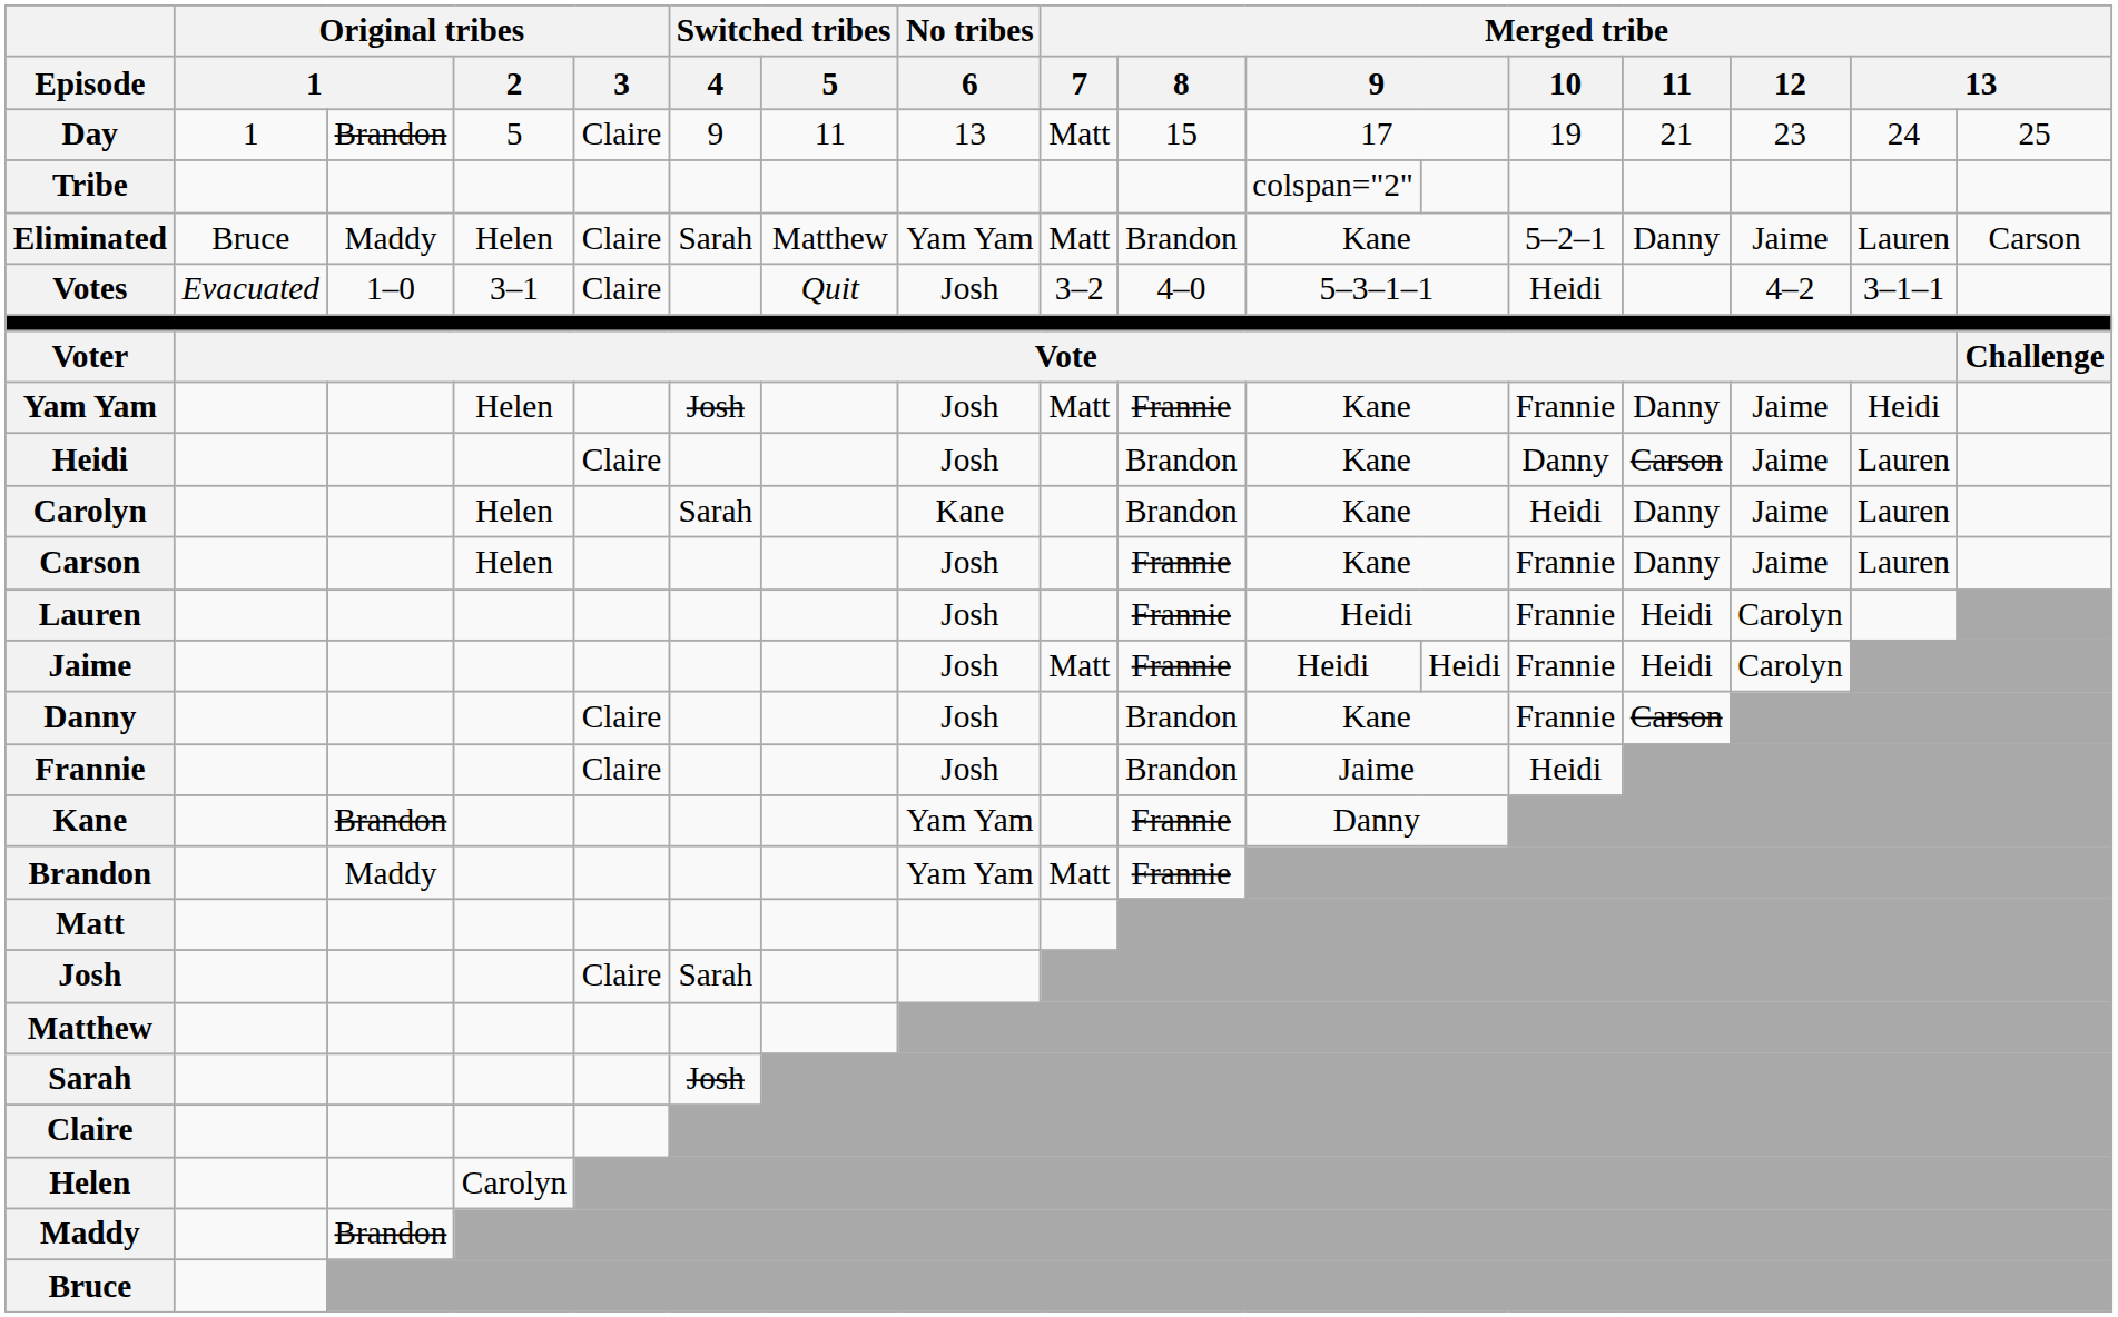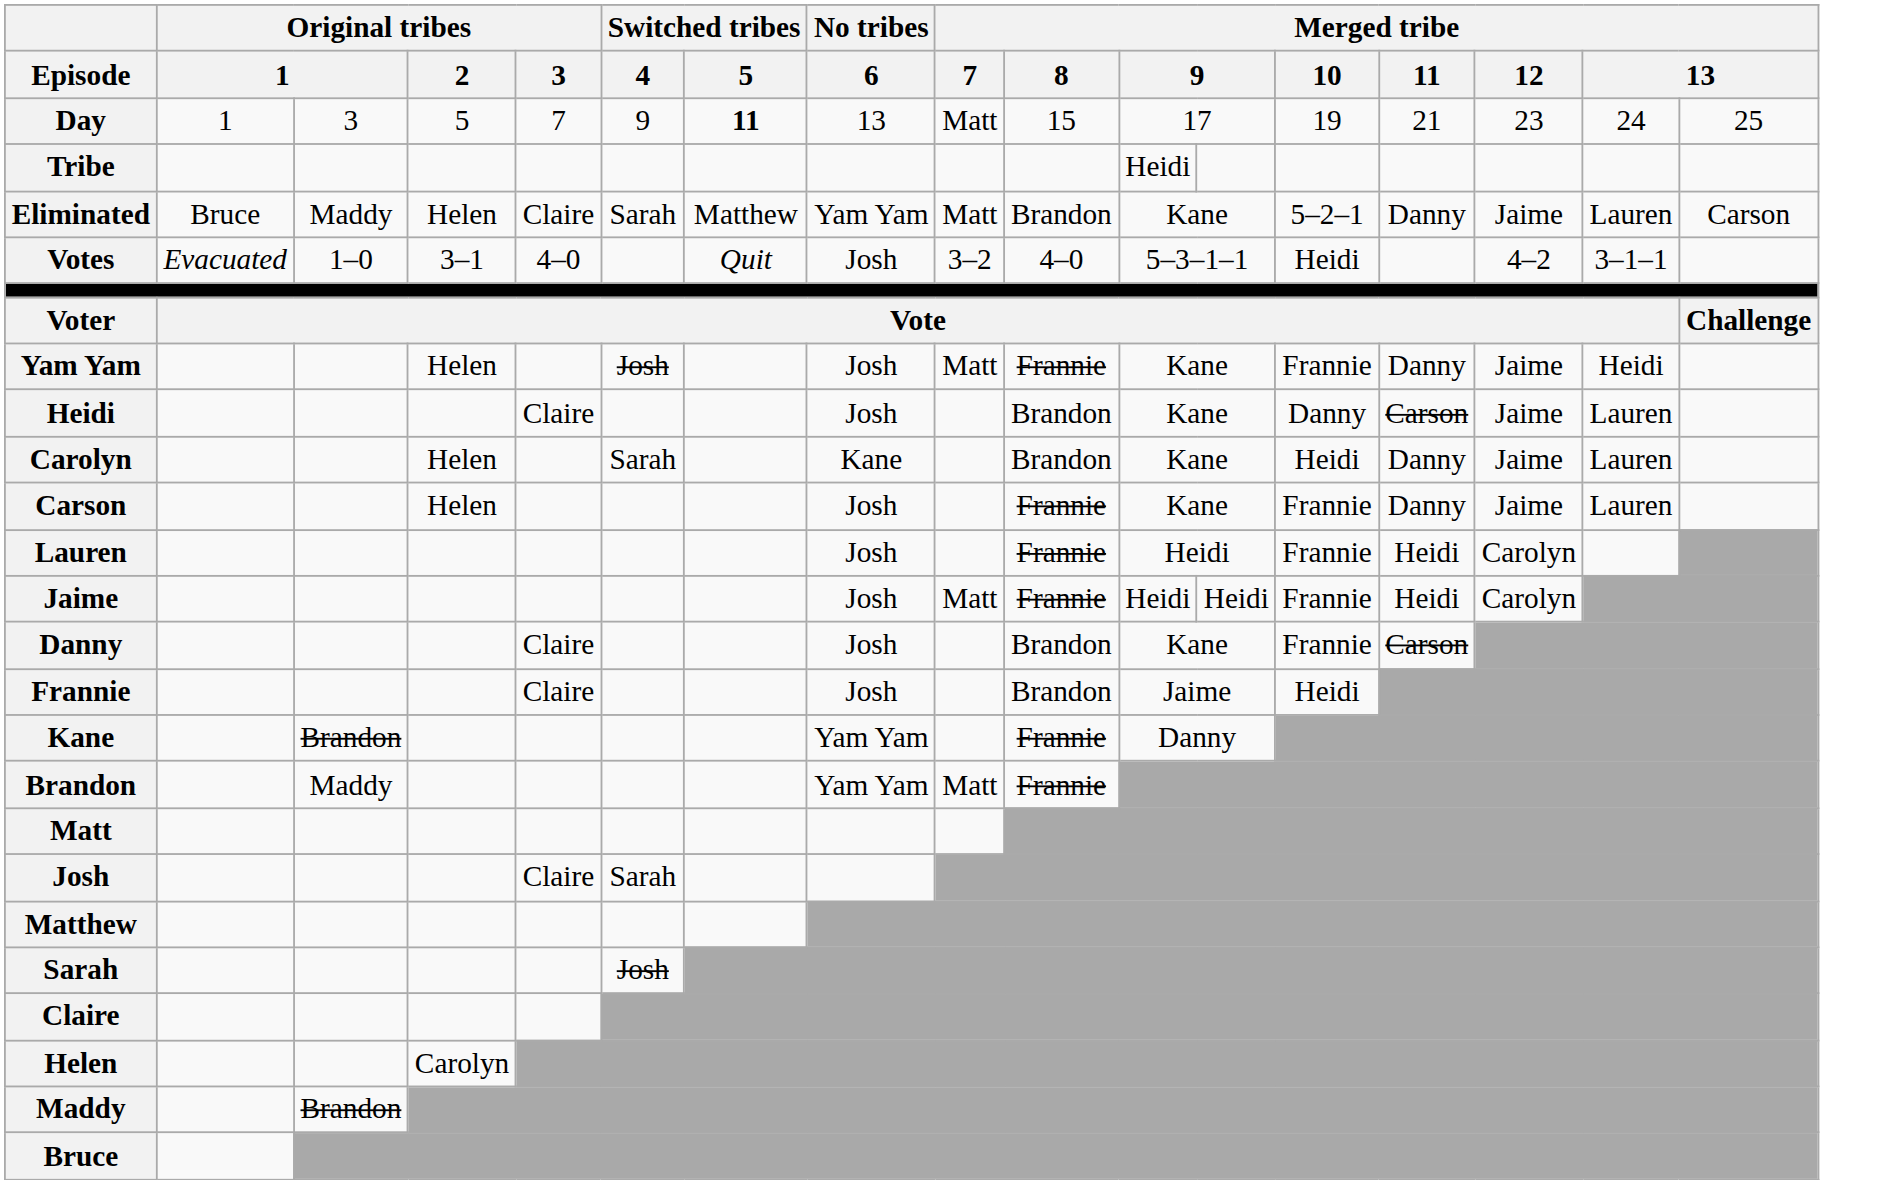 <table class="wikitable unsortable" style="text-align:center;">
 <tr>
 <th></th>
 <th colspan="4">Original tribes</th>
 <th colspan="2">Switched tribes</th>
 <th>No tribes</th>
 <th colspan="9">Merged tribe</th>
 </tr>
 <tr>
 <th>Episode</th>
 <th colspan="2">1</th>
 <th>2</th>
 <th>3</th>
 <th>4</th>
 <th>5</th>
 <th>6</th>
 <th>7</th>
 <th>8</th>
 <th colspan="2">9</th>
 <th>10</th>
 <th>11</th>
 <th>12</th>
 <th colspan="2">13</th>
 </tr>
 <tr>
 <th>Day</th>
 <td>1</td>
-<td><s>Brandon</s></td>
+<td>3</td>
 <td>5</td>
-<td>Claire</td>
+<td>7</td>
 <td>9</td>
-<td>11</td>
+<td><strong>11</strong></td>
 <td>13</td>
 <td>Matt</td>
 <td>15</td>
 <td colspan="2">17</td>
 <td>19</td>
 <td>21</td>
 <td>23</td>
 <td>24</td>
 <td>25</td>
 </tr>
 <tr>
 <th>Tribe</th>
 <td></td>
 <td></td>
 <td></td>
 <td></td>
 <td></td>
 <td></td>
 <td></td>
 <td></td>
 <td></td>
-<td>colspan="2" </td>
+<td>Heidi</td>
 <td></td>
 <td></td>
 <td></td>
 <td></td>
 <td></td>
 </tr>
 <tr>
 <th>Eliminated</th>
 <td>Bruce</td>
 <td>Maddy</td>
 <td>Helen</td>
 <td>Claire</td>
 <td>Sarah</td>
 <td>Matthew</td>
 <td>Yam Yam</td>
 <td>Matt</td>
 <td>Brandon</td>
 <td colspan="2">Kane</td>
 <td>5–2–1</td>
 <td>Danny</td>
 <td>Jaime</td>
 <td>Lauren</td>
 <td>Carson</td>
 </tr>
 <tr>
 <th>Votes</th>
 <td><em>Evacuated</em></td>
 <td>1–0</td>
 <td>3–1</td>
-<td>Claire</td>
+<td>4–0</td>
 <td></td>
 <td><em>Quit</em></td>
 <td>Josh</td>
 <td>3–2</td>
 <td>4–0</td>
 <td colspan="2">5–3–1–1</td>
 <td>Heidi</td>
 <td></td>
 <td>4–2</td>
 <td>3–1–1</td>
 <td></td>
 </tr>
 <tr>
 <td colspan="17" style="background:black"></td>
 </tr>
 <tr>
 <th>Voter</th>
 <th colspan="15">Vote</th>
 <th>Challenge</th>
 </tr>
 <tr>
 <th>Yam Yam</th>
 <td></td>
 <td></td>
 <td>Helen</td>
 <td></td>
 <td><s>Josh</s></td>
 <td></td>
 <td>Josh</td>
 <td>Matt</td>
 <td><s>Frannie</s></td>
 <td colspan="2">Kane</td>
 <td>Frannie</td>
 <td>Danny</td>
 <td>Jaime</td>
 <td>Heidi</td>
 <td></td>
 </tr>
 <tr>
 <th>Heidi</th>
 <td></td>
 <td></td>
 <td></td>
 <td>Claire</td>
 <td></td>
 <td></td>
 <td>Josh</td>
 <td></td>
 <td>Brandon</td>
 <td colspan="2">Kane</td>
 <td>Danny</td>
 <td><s>Carson</s></td>
 <td>Jaime</td>
 <td>Lauren</td>
 <td></td>
 </tr>
 <tr>
 <th>Carolyn</th>
 <td></td>
 <td></td>
 <td>Helen</td>
 <td></td>
 <td>Sarah</td>
 <td></td>
 <td>Kane</td>
 <td></td>
 <td>Brandon</td>
 <td colspan="2">Kane</td>
 <td>Heidi</td>
 <td>Danny</td>
 <td>Jaime</td>
 <td>Lauren</td>
 <td></td>
 </tr>
 <tr>
 <th>Carson</th>
 <td></td>
 <td></td>
 <td>Helen</td>
 <td></td>
 <td></td>
 <td></td>
 <td>Josh</td>
 <td></td>
 <td><s>Frannie</s></td>
 <td colspan="2">Kane</td>
 <td>Frannie</td>
 <td>Danny</td>
 <td>Jaime</td>
 <td>Lauren</td>
 <td></td>
 </tr>
 <tr>
 <th>Lauren</th>
 <td></td>
 <td></td>
 <td></td>
 <td></td>
 <td></td>
 <td></td>
 <td>Josh</td>
 <td></td>
 <td><s>Frannie</s></td>
 <td colspan="2">Heidi</td>
 <td>Frannie</td>
 <td>Heidi</td>
 <td>Carolyn</td>
 <td></td>
 <td colspan="1" bgcolor="darkgray"></td>
 </tr>
 <tr>
 <th>Jaime</th>
 <td></td>
 <td></td>
 <td></td>
 <td></td>
 <td></td>
 <td></td>
 <td>Josh</td>
 <td>Matt</td>
 <td><s>Frannie</s></td>
 <td>Heidi</td>
 <td>Heidi</td>
 <td>Frannie</td>
 <td>Heidi</td>
 <td>Carolyn</td>
 <td colspan="2" bgcolor="darkgray"></td>
 </tr>
 <tr>
 <th>Danny</th>
 <td></td>
 <td></td>
 <td></td>
 <td>Claire</td>
 <td></td>
 <td></td>
 <td>Josh</td>
 <td></td>
 <td>Brandon</td>
 <td colspan="2">Kane</td>
 <td>Frannie</td>
 <td><s>Carson</s></td>
 <td colspan="3" bgcolor="darkgray"></td>
 </tr>
 <tr>
 <th>Frannie</th>
 <td></td>
 <td></td>
 <td></td>
 <td>Claire</td>
 <td></td>
 <td></td>
 <td>Josh</td>
 <td></td>
 <td>Brandon</td>
 <td colspan="2">Jaime</td>
 <td>Heidi</td>
 <td colspan="4" bgcolor="darkgray"></td>
 </tr>
 <tr>
 <th>Kane</th>
 <td></td>
 <td><s>Brandon</s></td>
 <td></td>
 <td></td>
 <td></td>
 <td></td>
 <td>Yam Yam</td>
 <td></td>
 <td><s>Frannie</s></td>
 <td colspan="2">Danny</td>
 <td colspan="5" bgcolor="darkgray"></td>
 </tr>
 <tr>
 <th>Brandon</th>
 <td></td>
 <td>Maddy</td>
 <td></td>
 <td></td>
 <td></td>
 <td></td>
 <td>Yam Yam</td>
 <td>Matt</td>
 <td><s>Frannie</s></td>
 <td colspan="7" bgcolor="darkgray"></td>
 </tr>
 <tr>
 <th>Matt</th>
 <td></td>
 <td></td>
 <td></td>
 <td></td>
 <td></td>
 <td></td>
 <td></td>
 <td></td>
 <td colspan="8" bgcolor="darkgray"></td>
 </tr>
 <tr>
 <th>Josh</th>
 <td></td>
 <td></td>
 <td></td>
 <td>Claire</td>
 <td>Sarah</td>
 <td></td>
 <td></td>
 <td colspan="9" bgcolor="darkgray"></td>
 </tr>
 <tr>
 <th>Matthew</th>
 <td></td>
 <td></td>
 <td></td>
 <td></td>
 <td></td>
 <td></td>
 <td colspan="10" bgcolor="darkgray"></td>
 </tr>
 <tr>
 <th>Sarah</th>
 <td></td>
 <td></td>
 <td></td>
 <td></td>
 <td><s>Josh</s></td>
 <td colspan="11" bgcolor="darkgray"></td>
 </tr>
 <tr>
 <th>Claire</th>
 <td></td>
 <td></td>
 <td></td>
 <td></td>
 <td colspan="12" style="background:darkgray"></td>
 </tr>
 <tr>
 <th>Helen</th>
 <td></td>
 <td></td>
 <td>Carolyn</td>
 <td colspan="13" style="background:darkgray"></td>
 </tr>
 <tr>
 <th>Maddy</th>
 <td></td>
 <td><s>Brandon</s></td>
 <td colspan="14" style="background:darkgray"></td>
 </tr>
 <tr>
 <th>Bruce</th>
 <td></td>
 <td colspan="15" style="background:darkgray"></td>
 </tr>
 </table>
